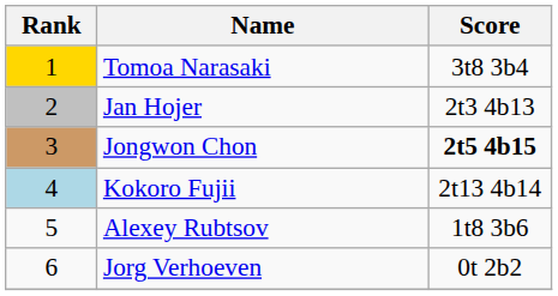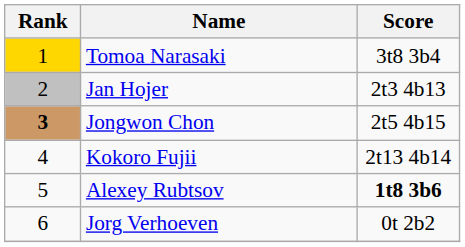 <table class="wikitable">
 <tr>
 <th width = "50">Rank</th>
 <th width = "200">Name</th>
 <th width = "70">Score</th>
 </tr>
 <tr>
 <td align="center" style="background: gold">1</td>
 <td> <a href='#'>Tomoa Narasaki</a></td>
 <td align="center">3t8 3b4</td>
 </tr>
 <tr>
 <td align="center" style="background: silver">2</td>
 <td> <a href='#'>Jan Hojer</a></td>
 <td align="center">2t3 4b13</td>
 </tr>
 <tr>
-<td align="center" style="background: #cc9966">3</td>
+<td align="center" style="background: #cc9966"><strong>3</strong></td>
 <td> <a href='#'>Jongwon Chon</a></td>
-<td align="center"><strong>2t5 4b15</strong></td>
+<td align="center">2t5 4b15</td>
 </tr>
 <tr>
-<td align="center" style="background: lightblue;">4</td>
+<td align="center">4</td>
 <td> <a href='#'>Kokoro Fujii</a></td>
 <td align="center">2t13 4b14</td>
 </tr>
 <tr>
 <td align="center">5</td>
 <td> <a href='#'>Alexey Rubtsov</a></td>
-<td align="center">1t8 3b6</td>
+<td align="center"><strong>1t8 3b6</strong></td>
 </tr>
 <tr>
 <td align="center">6</td>
 <td> <a href='#'>Jorg Verhoeven</a></td>
 <td align="center">0t 2b2</td>
 </tr>
 <tr>
 </tr>
 </table>
